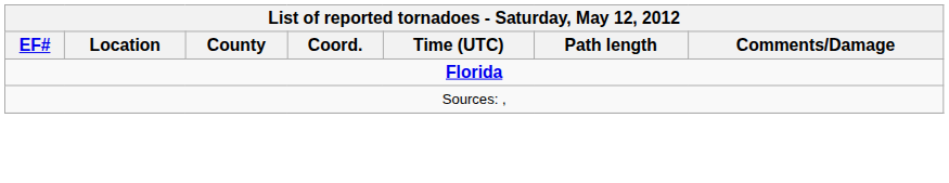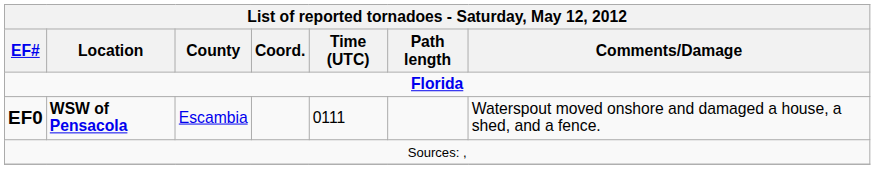 <table class="wikitable collapsible" width="100%">
 <tr>
 <th colspan="7">List of reported tornadoes - Saturday, May 12, 2012</th>
 </tr>
 <tr>
 <th><a href='#'>EF#</a></th>
 <th>Location</th>
 <th>County</th>
 <th>Coord.</th>
 <th>Time (UTC)</th>
 <th>Path length</th>
 <th>Comments/Damage</th>
 </tr>
 <tr>
 <td colspan="7" align=center><strong><a href='#'>Florida</a></strong></td>
 </tr>
 <tr>
+<td><big><strong>EF0</strong></big></td>
+<td><strong>WSW of <a href='#'>Pensacola</a></strong></td>
+<td><a href='#'>Escambia</a></td>
+<td></td>
+<td>0111</td>
+<td></td>
+<td>Waterspout moved onshore and damaged a house, a shed, and a fence.</td>
+</tr>
+<tr>
 <td colspan="7" align=center><small>Sources: , </small></td>
 </tr>
 <tr>
 </tr>
 </table>
